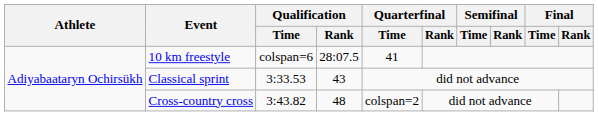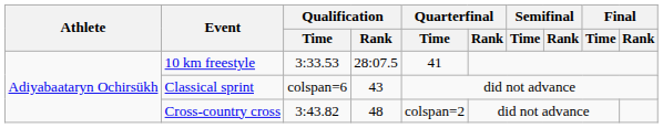 <table class="wikitable" style="font-size:90%">
 <tr>
 <th rowspan="2">Athlete</th>
 <th rowspan="2">Event</th>
 <th colspan="2">Qualification</th>
 <th colspan="2">Quarterfinal</th>
 <th colspan="2">Semifinal</th>
 <th colspan="2">Final</th>
 </tr>
 <tr style="font-size:95%">
 <th>Time</th>
 <th>Rank</th>
 <th>Time</th>
 <th>Rank</th>
 <th>Time</th>
 <th>Rank</th>
 <th>Time</th>
 <th>Rank</th>
 </tr>
 <tr align=center>
 <td align=left rowspan=3><a href='#'>Adiyabaataryn Ochirsükh</a></td>
 <td align=left><a href='#'>10 km freestyle</a></td>
-<td>colspan=6 </td>
+<td>3:33.53</td>
 <td>28:07.5</td>
 <td>41</td>
 </tr>
 <tr align=center>
 <td align=left><a href='#'>Classical sprint</a></td>
-<td>3:33.53</td>
+<td>colspan=6 </td>
 <td>43</td>
 <td colspan=6>did not advance</td>
 </tr>
 <tr align=center>
 <td align=left><a href='#'>Cross-country cross</a></td>
 <td>3:43.82</td>
 <td>48</td>
 <td>colspan=2 </td>
 <td colspan=4>did not advance</td>
 </tr>
 </table>
